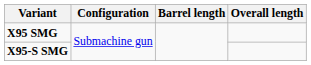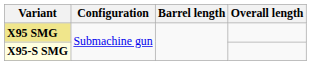 <table class="wikitable">
 <tr>
 <th>Variant</th>
 <th>Configuration</th>
 <th>Barrel length</th>
 <th>Overall length</th>
 </tr>
 <tr>
-<td><strong>X95 SMG</strong></td>
+<td style="background: khaki;"><strong>X95 SMG</strong></td>
 <td rowspan="2"><a href='#'>Submachine gun</a></td>
 <td rowspan="2"></td>
 <td></td>
 </tr>
 <tr>
-<td><strong>X95-S SMG</strong></td>
+<td style="background: lightyellow;"><strong>X95-S SMG</strong></td>
 <td></td>
 </tr>
 </table>
